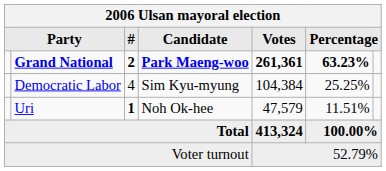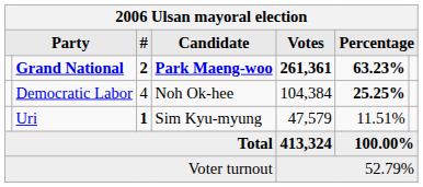 <table class="wikitable">
 <tr>
 <th colspan="7">2006 Ulsan mayoral election</th>
 </tr>
 <tr>
 <th style="background-color:#E9E9E9" colspan=2>Party</th>
 <th style="background-color:#E9E9E9">#</th>
 <th style="background-color:#E9E9E9">Candidate</th>
 <th style="background-color:#E9E9E9">Votes</th>
 <th style="background-color:#E9E9E9" colspan=2>Percentage</th>
 </tr>
 <tr style="font-weight:bold">
 <td></td>
 <td align=left><a href='#'>Grand National</a></td>
 <td align=center>2</td>
 <td align=left><a href='#'>Park Maeng-woo</a></td>
 <td align=right>261,361</td>
 <td align=right>63.23%</td>
 <td align=right></td>
 </tr>
 <tr>
 <td></td>
 <td align=left><a href='#'>Democratic Labor</a></td>
 <td align=center>4</td>
-<td align=left>Sim Kyu-myung</td>
+<td align=left>Noh Ok-hee</td>
 <td align=right>104,384</td>
-<td align=right>25.25%</td>
+<td align=right><strong>25.25%</strong></td>
 <td align=right></td>
 </tr>
 <tr>
 <td></td>
 <td align=left><a href='#'>Uri</a></td>
 <td align=center><strong>1</strong></td>
-<td align=left>Noh Ok-hee</td>
+<td align=left>Sim Kyu-myung</td>
 <td align=right>47,579</td>
 <td align=right>11.51%</td>
 <td align=right></td>
 </tr>
 <tr bgcolor="#EEEEEE" style="font-weight:bold">
 <td colspan="4" align=right>Total</td>
 <td align=right>413,324</td>
 <td align=right colspan=2>100.00%</td>
 </tr>
 <tr bgcolor="#EEEEEE">
 <td colspan="4" align="right">Voter turnout</td>
 <td colspan="3" align="right">52.79%</td>
 </tr>
 </table>
